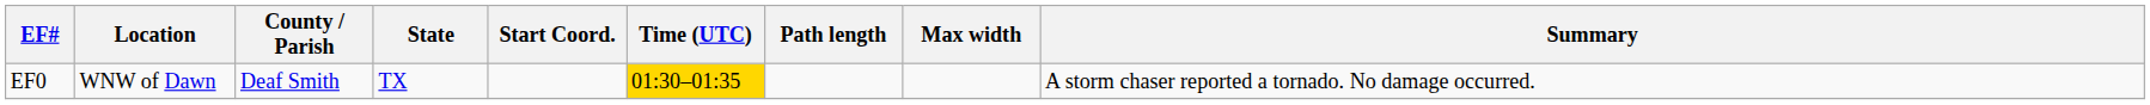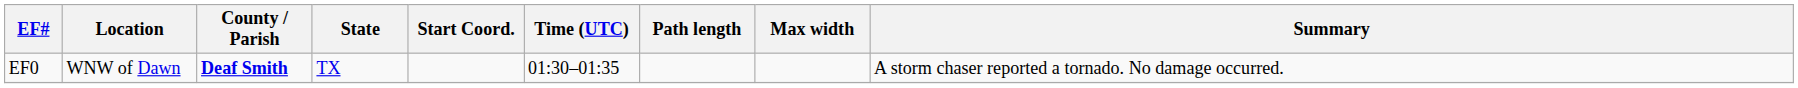 <table class="wikitable sortable" style="width:100%;">
 <tr>
 <th scope="col"  style="width:3%; text-align:center;"><a href='#'>EF#</a></th>
 <th scope="col"  style="width:7%; text-align:center;" class="unsortable">Location</th>
 <th scope="col"  style="width:6%; text-align:center;" class="unsortable">County / Parish</th>
 <th scope="col"  style="width:5%; text-align:center;">State</th>
 <th scope="col"  style="width:6%; text-align:center;">Start Coord.</th>
 <th scope="col"  style="width:6%; text-align:center;">Time (<a href='#'>UTC</a>)</th>
 <th scope="col"  style="width:6%; text-align:center;">Path length</th>
 <th scope="col"  style="width:6%; text-align:center;">Max width</th>
 <th scope="col" class="unsortable" style="width:48%; text-align:center;">Summary</th>
 </tr>
 <tr>
 <td>EF0</td>
 <td>WNW of <a href='#'>Dawn</a></td>
-<td><a href='#'>Deaf Smith</a></td>
+<td><strong><a href='#'>Deaf Smith</a></strong></td>
 <td><a href='#'>TX</a></td>
 <td></td>
-<td style="background: gold;">01:30–01:35</td>
+<td>01:30–01:35</td>
 <td></td>
 <td></td>
 <td>A storm chaser reported a tornado. No damage occurred.</td>
 </tr>
 <tr>
 </tr>
 </table>
